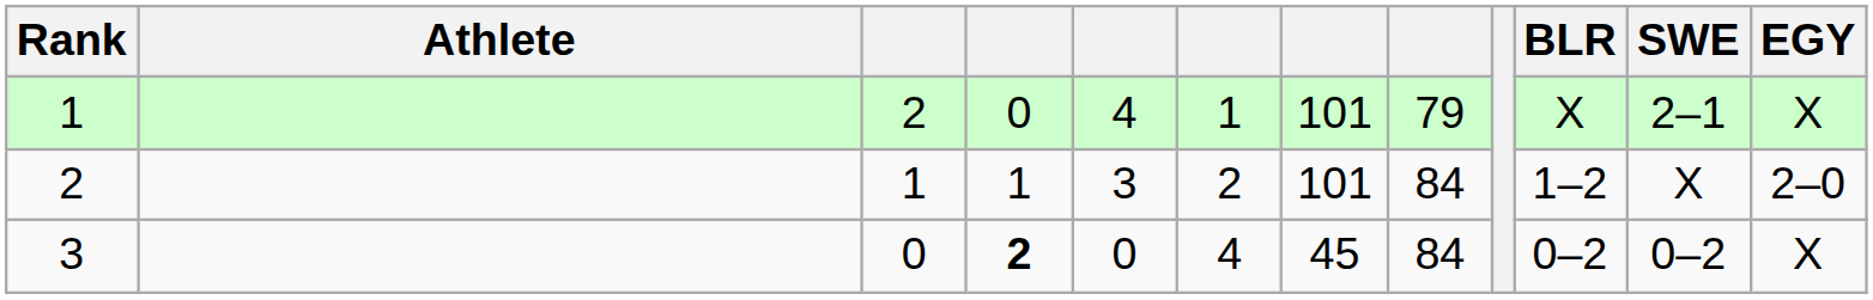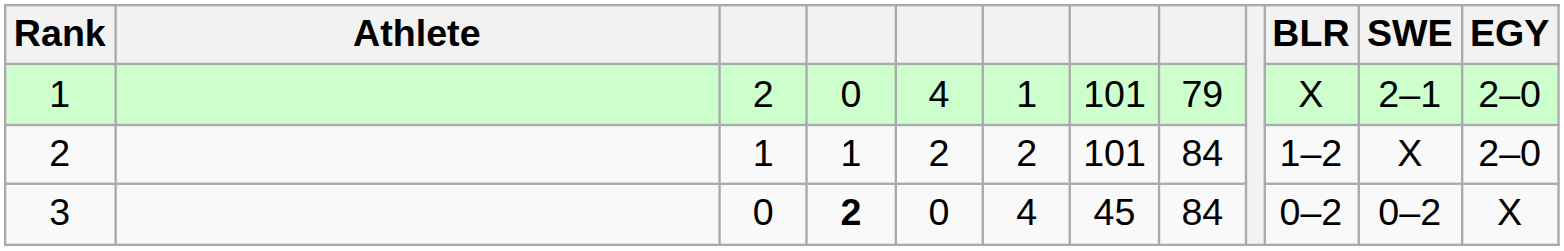 <table class="wikitable" style="text-align:center">
 <tr>
 <th>Rank</th>
 <th width=250>Athlete</th>
 <th width=30></th>
 <th width=30></th>
 <th width=30></th>
 <th width=30></th>
 <th width=30></th>
 <th width=30></th>
 <th rowspan=4></th>
 <th width=30>BLR</th>
 <th width=30>SWE</th>
 <th width=30>EGY</th>
 </tr>
 <tr style="background-color:#ccffcc;">
 <td>1</td>
 <td align=left></td>
 <td>2</td>
 <td>0</td>
 <td>4</td>
 <td>1</td>
 <td>101</td>
 <td>79</td>
 <td>X</td>
 <td>2–1</td>
-<td>X</td>
+<td>2–0</td>
 </tr>
 <tr>
 <td>2</td>
 <td align=left></td>
 <td>1</td>
 <td>1</td>
-<td>3</td>
+<td>2</td>
 <td>2</td>
 <td>101</td>
 <td>84</td>
 <td>1–2</td>
 <td>X</td>
 <td>2–0</td>
 </tr>
 <tr>
 <td>3</td>
 <td align=left></td>
 <td>0</td>
 <td><strong>2</strong></td>
 <td>0</td>
 <td>4</td>
 <td>45</td>
 <td>84</td>
 <td>0–2</td>
 <td>0–2</td>
 <td>X</td>
 </tr>
 </table>
